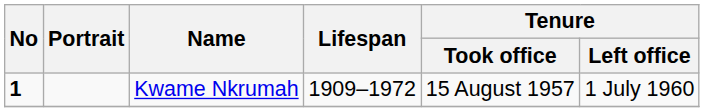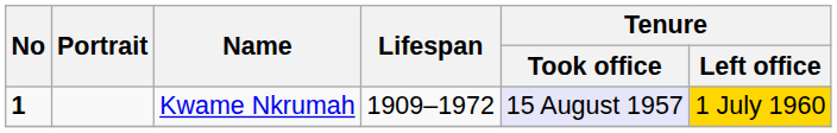 <table class="wikitable">
 <tr>
 <th scope="col" rowspan="2">No</th>
 <th scope="col" rowspan="2">Portrait</th>
 <th scope="col" rowspan="2">Name</th>
 <th scope="col" rowspan="2">Lifespan</th>
 <th scope="col" colspan="2">Tenure</th>
 </tr>
 <tr>
 <th scope="col">Took office</th>
 <th scope="col">Left office</th>
 </tr>
 <tr>
 <td><strong>1</strong></td>
 <td></td>
 <td><a href='#'>Kwame Nkrumah</a></td>
 <td>1909–1972</td>
-<td>15 August 1957</td>
-<td>1 July 1960</td>
+<td style="background: lavender;">15 August 1957</td>
+<td style="background: gold;">1 July 1960</td>
 </tr>
 <tr>
 </tr>
 </table>
